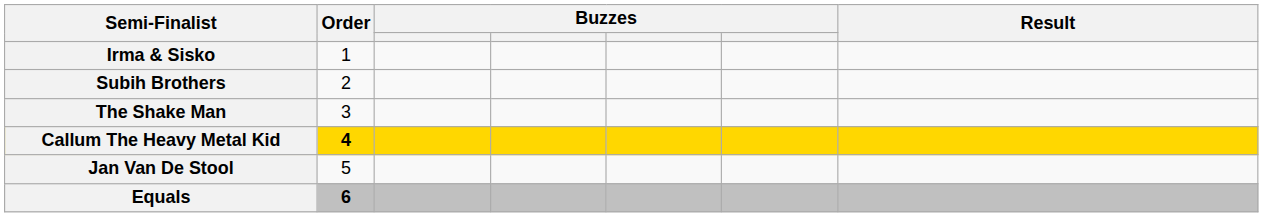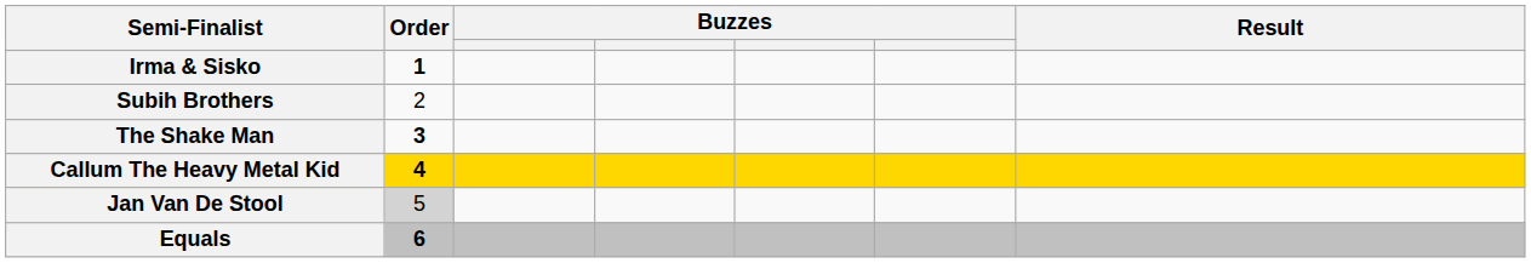 <table class="wikitable plainrowheaders sortable" style="text-align:center;">
 <tr>
 <th scope="col" rowspan="2" class="unsortable" style="width:17em;">Semi-Finalist</th>
 <th scope="col" rowspan="2" style="width:1em;">Order</th>
 <th scope="col" colspan="4" class="unsortable" style="width:24em;">Buzzes</th>
 <th scope="col" rowspan="2" style="width:23em;">Result</th>
 </tr>
 <tr>
 <th scope="col" class="unsortable" style="width:6em;"></th>
 <th scope="col" class="unsortable" style="width:6em;"></th>
 <th scope="col" class="unsortable" style="width:6em;"></th>
 <th scope="col" class="unsortable" style="width:6em;"></th>
 </tr>
 <tr>
 <th scope="row">Irma & Sisko</th>
-<td>1</td>
+<td><strong>1</strong></td>
 <td style="text-align:center;"></td>
 <td style="text-align:center;"></td>
 <td style="text-align:center;"></td>
 <td style="text-align:center;"></td>
 <td></td>
 </tr>
 <tr>
 <th scope="row">Subih Brothers</th>
 <td>2</td>
 <td style="text-align:center;"></td>
 <td style="text-align:center;"></td>
 <td style="text-align:center;"></td>
 <td style="text-align:center;"></td>
 <td></td>
 </tr>
 <tr>
 <th scope="row">The Shake Man</th>
-<td>3</td>
+<td><strong>3</strong></td>
 <td style="text-align:center;"></td>
 <td style="text-align:center;"></td>
 <td style="text-align:center;"></td>
 <td style="text-align:center;"></td>
 <td></td>
 </tr>
 <tr bgcolor=gold>
 <th scope="row"><strong>Callum The Heavy Metal Kid</strong></th>
 <td><strong>4</strong></td>
 <td style="text-align:center;"></td>
 <td style="text-align:center;"></td>
 <td style="text-align:center;"></td>
 <td style="text-align:center;"></td>
 <td><strong></strong></td>
 </tr>
 <tr>
 <th scope="row">Jan Van De Stool</th>
-<td>5</td>
+<td style="background: lightgrey;">5</td>
 <td style="text-align:center;"></td>
 <td style="text-align:center;"></td>
 <td style="text-align:center;"></td>
 <td style="text-align:center;"></td>
 <td></td>
 </tr>
 <tr bgcolor=silver>
 <th scope="row"><strong>Equals</strong></th>
 <td><strong>6</strong></td>
 <td style="text-align:center;"></td>
 <td style="text-align:center;"></td>
 <td style="text-align:center;"></td>
 <td style="text-align:center;"></td>
 <td><strong></strong></td>
 </tr>
 </table>
